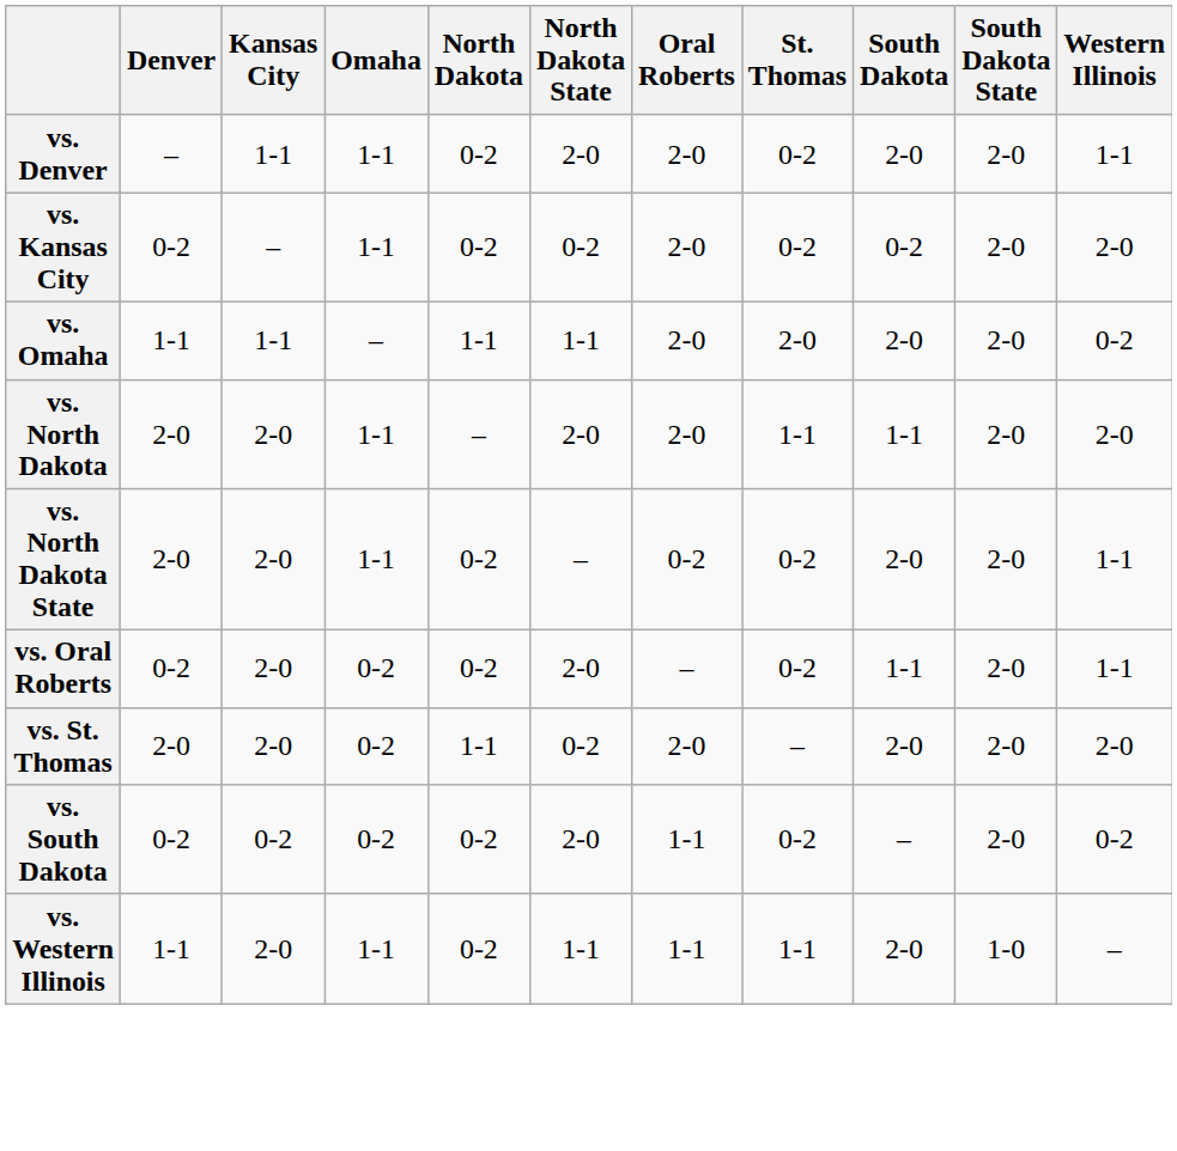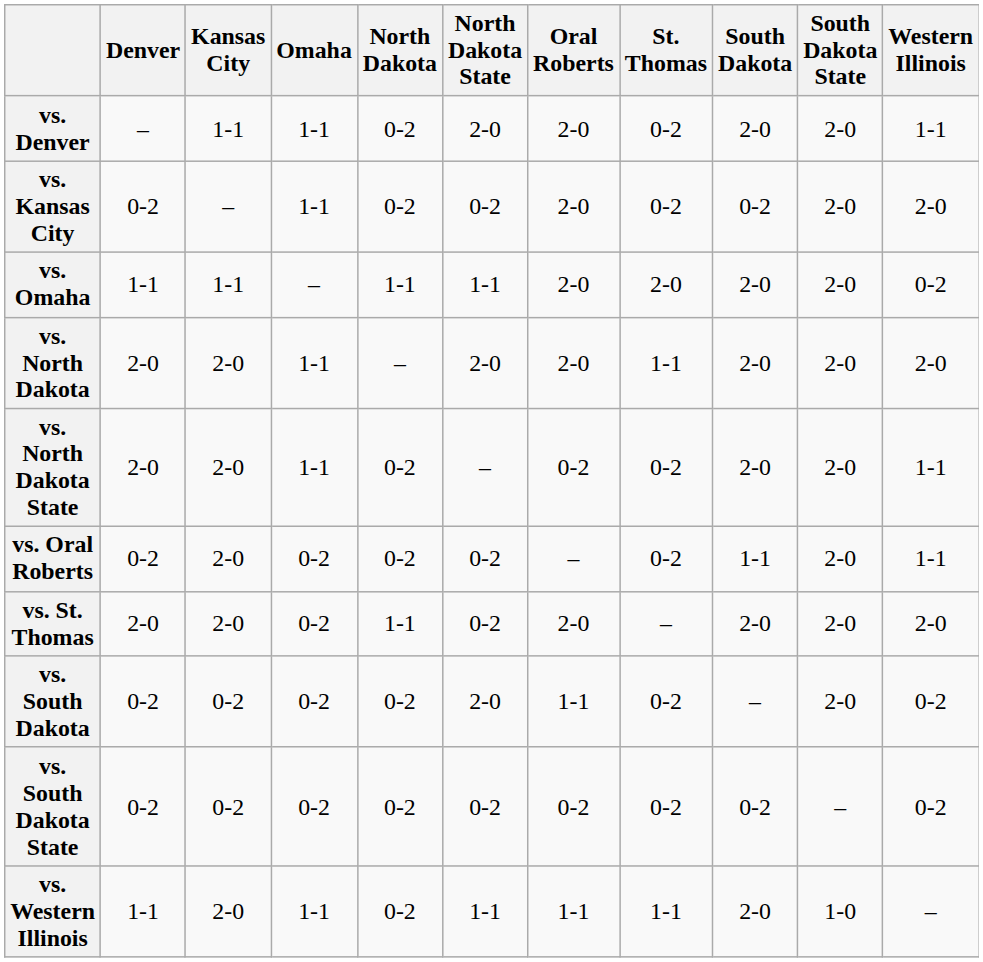 <table class="wikitable" style="text-align:center">
 <tr>
 <th colspan="1"></th>
 <th width="130">Denver</th>
 <th width="130">Kansas City</th>
 <th width="130">Omaha</th>
 <th width="130">North Dakota</th>
 <th width="130">North Dakota State</th>
 <th width="130">Oral Roberts</th>
 <th width="130">St. Thomas</th>
 <th width="130">South Dakota</th>
 <th width="130">South Dakota State</th>
 <th width="130">Western Illinois</th>
 </tr>
 <tr>
 <th>vs. Denver</th>
 <td>–</td>
 <td>1-1</td>
 <td>1-1</td>
 <td>0-2</td>
 <td>2-0</td>
 <td>2-0</td>
 <td>0-2</td>
 <td>2-0</td>
 <td>2-0</td>
 <td>1-1</td>
 </tr>
 <tr>
 <th>vs. Kansas City</th>
 <td>0-2</td>
 <td>–</td>
 <td>1-1</td>
 <td>0-2</td>
 <td>0-2</td>
 <td>2-0</td>
 <td>0-2</td>
 <td>0-2</td>
 <td>2-0</td>
 <td>2-0</td>
 </tr>
 <tr>
 <th>vs. Omaha</th>
 <td>1-1</td>
 <td>1-1</td>
 <td>–</td>
 <td>1-1</td>
 <td>1-1</td>
 <td>2-0</td>
 <td>2-0</td>
 <td>2-0</td>
 <td>2-0</td>
 <td>0-2</td>
 </tr>
 <tr>
 <th>vs. North Dakota</th>
 <td>2-0</td>
 <td>2-0</td>
 <td>1-1</td>
 <td>–</td>
 <td>2-0</td>
 <td>2-0</td>
 <td>1-1</td>
-<td>1-1</td>
+<td>2-0</td>
 <td>2-0</td>
 <td>2-0</td>
 </tr>
 <tr>
 <th>vs. North Dakota State</th>
 <td>2-0</td>
 <td>2-0</td>
 <td>1-1</td>
 <td>0-2</td>
 <td>–</td>
 <td>0-2</td>
 <td>0-2</td>
 <td>2-0</td>
 <td>2-0</td>
 <td>1-1</td>
 </tr>
 <tr>
 <th>vs. Oral Roberts</th>
 <td>0-2</td>
 <td>2-0</td>
 <td>0-2</td>
 <td>0-2</td>
-<td>2-0</td>
+<td>0-2</td>
 <td>–</td>
 <td>0-2</td>
 <td>1-1</td>
 <td>2-0</td>
 <td>1-1</td>
 </tr>
 <tr>
 <th>vs. St. Thomas</th>
 <td>2-0</td>
 <td>2-0</td>
 <td>0-2</td>
 <td>1-1</td>
 <td>0-2</td>
 <td>2-0</td>
 <td>–</td>
 <td>2-0</td>
 <td>2-0</td>
 <td>2-0</td>
 </tr>
 <tr>
 <th>vs. South Dakota</th>
 <td>0-2</td>
 <td>0-2</td>
 <td>0-2</td>
 <td>0-2</td>
 <td>2-0</td>
 <td>1-1</td>
 <td>0-2</td>
 <td>–</td>
 <td>2-0</td>
 <td>0-2</td>
 </tr>
 <tr>
+<th>vs. South Dakota State</th>
+<td>0-2</td>
+<td>0-2</td>
+<td>0-2</td>
+<td>0-2</td>
+<td>0-2</td>
+<td>0-2</td>
+<td>0-2</td>
+<td>0-2</td>
+<td>–</td>
+<td>0-2</td>
+</tr>
+<tr>
 <th>vs. Western Illinois</th>
 <td>1-1</td>
 <td>2-0</td>
 <td>1-1</td>
 <td>0-2</td>
 <td>1-1</td>
 <td>1-1</td>
 <td>1-1</td>
 <td>2-0</td>
 <td>1-0</td>
 <td>–</td>
 </tr>
 </table>
